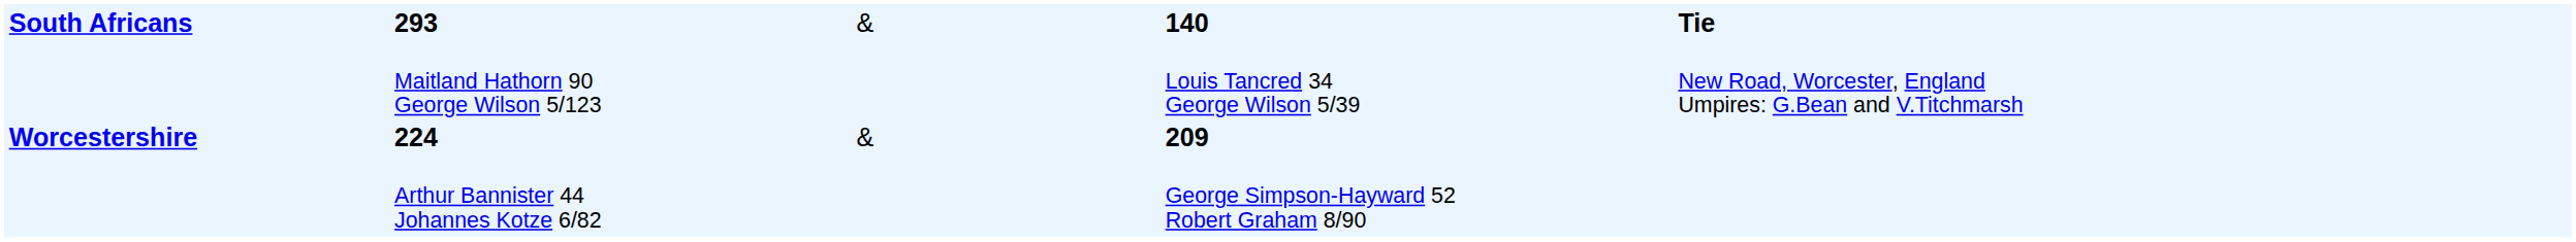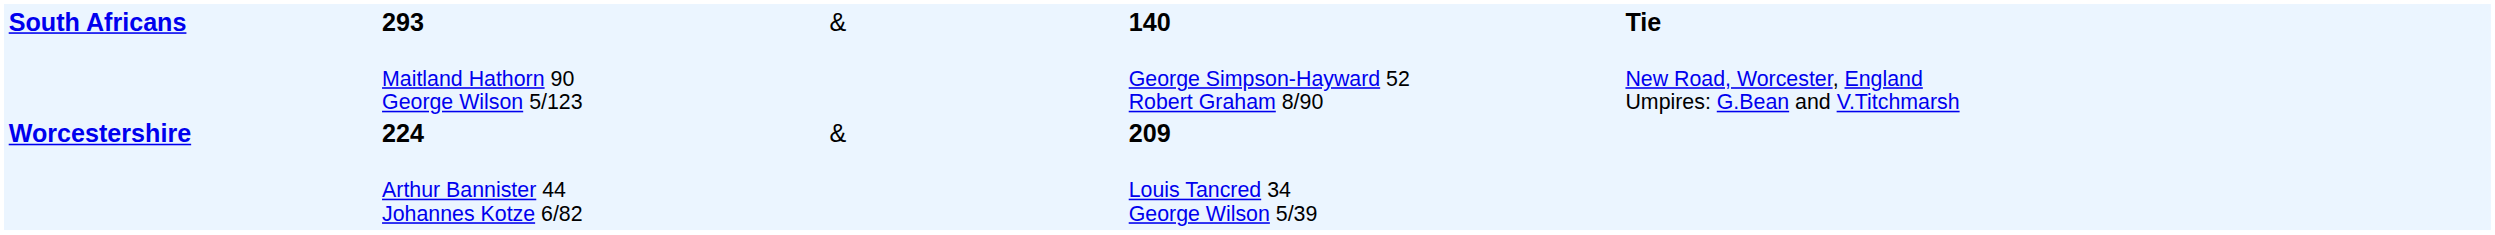 <table width="100%" style="background: #EBF5FF">
 <tr>
 <td width="15%" valign="top" rowspan="2"><strong><a href='#'>South Africans</a></strong></td>
 <td width="18%"><strong>293</strong></td>
 <td width="12%">&</td>
 <td width="20%"><strong>140</strong></td>
 <td width="35%"><strong>Tie</strong></td>
 </tr>
 <tr>
 <td style="font-size: 85%;" valign="top"><br><a href='#'>Maitland Hathorn</a> 90<br> <a href='#'>George Wilson</a> 5/123</td>
 <td></td>
-<td style="font-size: 85%;"><br><a href='#'>Louis Tancred</a> 34<br> <a href='#'>George Wilson</a> 5/39</td>
+<td valign="top" style="font-size: 85%;"><br><a href='#'>George Simpson-Hayward</a> 52<br> <a href='#'>Robert Graham</a> 8/90</td>
 <td valign="top" style="font-size: 85%;" rowspan="3"><br><a href='#'>New Road, Worcester</a>, <a href='#'>England</a><br> Umpires: <a href='#'>G.Bean</a> and <a href='#'>V.Titchmarsh</a></td>
 </tr>
 <tr>
 <td valign="top" rowspan="2"><strong><a href='#'>Worcestershire</a></strong></td>
 <td><strong>224</strong></td>
 <td>&</td>
 <td><strong>209</strong></td>
 </tr>
 <tr>
 <td style="font-size: 85%;"><br><a href='#'>Arthur Bannister</a> 44<br> <a href='#'>Johannes Kotze</a> 6/82</td>
 <td></td>
-<td valign="top" style="font-size: 85%;"><br><a href='#'>George Simpson-Hayward</a> 52<br> <a href='#'>Robert Graham</a> 8/90</td>
+<td style="font-size: 85%;"><br><a href='#'>Louis Tancred</a> 34<br> <a href='#'>George Wilson</a> 5/39</td>
 </tr>
 </table>
